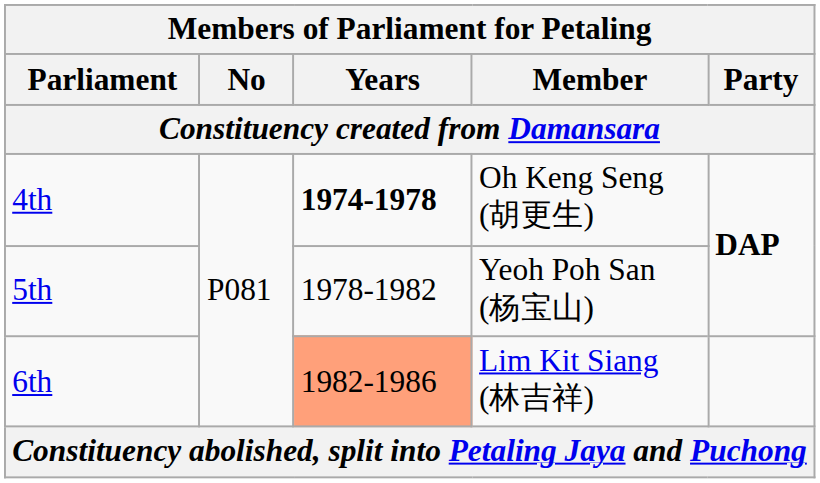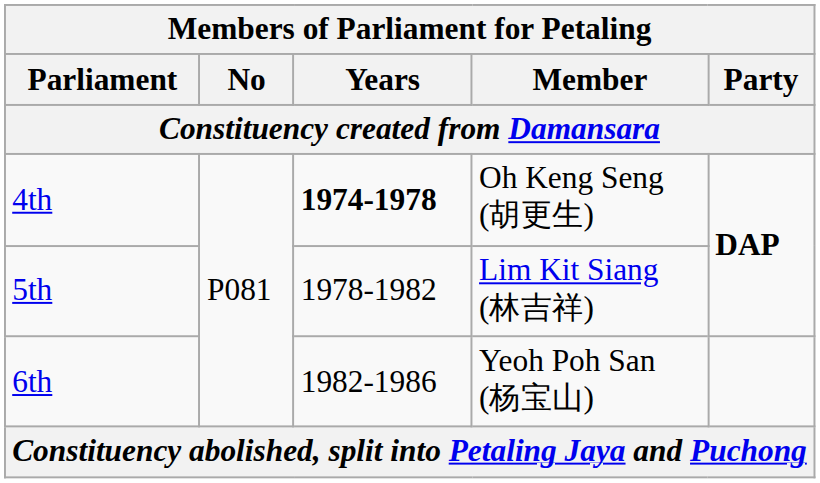 <table class=wikitable>
 <tr>
 <th colspan="5">Members of Parliament for Petaling</th>
 </tr>
 <tr>
 <th>Parliament</th>
 <th>No</th>
 <th>Years</th>
 <th>Member</th>
 <th>Party</th>
 </tr>
 <tr>
 <th colspan="5" align="center"><em>Constituency created from <a href='#'>Damansara</a></em></th>
 </tr>
 <tr>
 <td><a href='#'>4th</a></td>
 <td rowspan="3">P081</td>
 <td><strong>1974-1978</strong></td>
 <td>Oh Keng Seng <br> (胡更生)</td>
 <td rowspan="2"><strong>DAP</strong></td>
 </tr>
 <tr>
 <td><a href='#'>5th</a></td>
 <td>1978-1982</td>
-<td>Yeoh Poh San <br> (杨宝山)</td>
+<td><a href='#'>Lim Kit Siang</a> <br> (林吉祥)</td>
 </tr>
 <tr>
 <td><a href='#'>6th</a></td>
-<td style="background: lightsalmon;">1982-1986</td>
-<td><a href='#'>Lim Kit Siang</a> <br> (林吉祥)</td>
+<td>1982-1986</td>
+<td>Yeoh Poh San <br> (杨宝山)</td>
 <td></td>
 </tr>
 <tr>
 <th colspan="5" align="center"><em>Constituency abolished, split into <a href='#'>Petaling Jaya</a> and <a href='#'>Puchong</a></em></th>
 </tr>
 </table>
